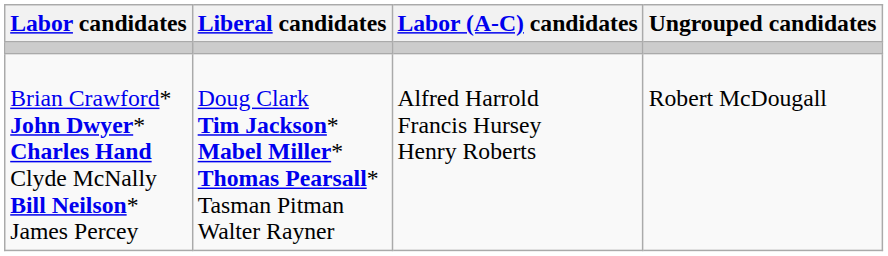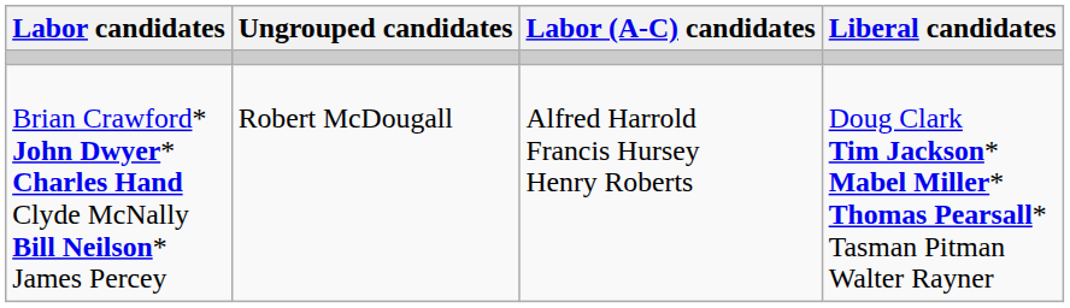 <table class="wikitable">
 <tr>
 <th><a href='#'>Labor</a> candidates</th>
+<th>Ungrouped candidates</th>
+<th><a href='#'>Labor (A-C)</a> candidates</th>
 <th><a href='#'>Liberal</a> candidates</th>
-<th><a href='#'>Labor (A-C)</a> candidates</th>
-<th>Ungrouped candidates</th>
 </tr>
 <tr bgcolor="#cccccc">
 <td></td>
 <td></td>
 <td></td>
 <td></td>
 </tr>
 <tr>
 <td><br><a href='#'>Brian Crawford</a>*<br> <strong><a href='#'>John Dwyer</a></strong>*<br> <strong><a href='#'>Charles Hand</a></strong><br> Clyde McNally<br> <strong><a href='#'>Bill Neilson</a></strong>*<br> James Percey</td>
+<td valign=top><br>Robert McDougall</td>
+<td valign=top><br>Alfred Harrold<br> Francis Hursey<br> Henry Roberts</td>
 <td><br><a href='#'>Doug Clark</a><br> <strong><a href='#'>Tim Jackson</a></strong>*<br> <strong><a href='#'>Mabel Miller</a></strong>*<br> <strong><a href='#'>Thomas Pearsall</a></strong>*<br> Tasman Pitman<br> Walter Rayner</td>
-<td valign=top><br>Alfred Harrold<br> Francis Hursey<br> Henry Roberts</td>
-<td valign=top><br>Robert McDougall</td>
 </tr>
 </table>
